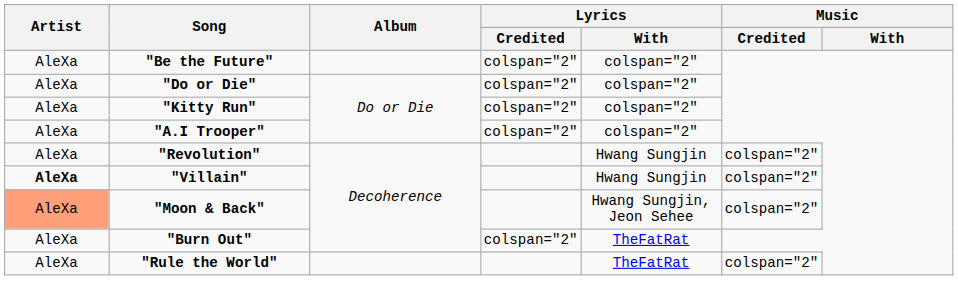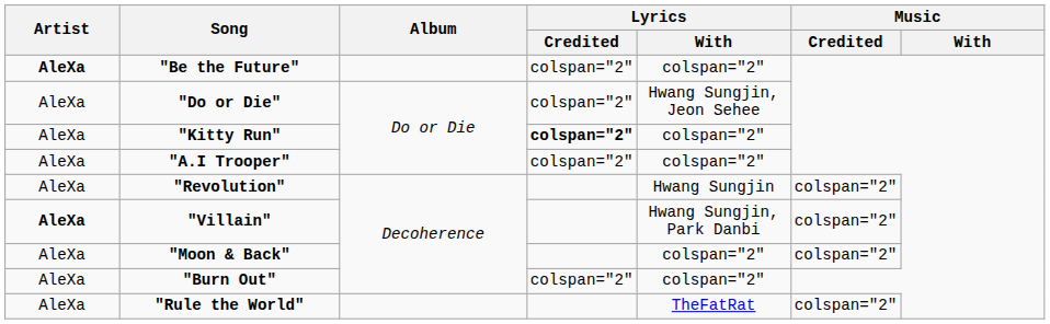 <table class="wikitable" style="text-align:center;">
 <tr>
 <th rowspan="2" style="width:7.5em;">Artist</th>
 <th rowspan="2" style="width:15em;">Song</th>
 <th rowspan="2" style="width:12.5em;">Album</th>
 <th colspan="2" style="width:16em;">Lyrics</th>
 <th colspan="2" style="width:16em;">Music</th>
 </tr>
 <tr>
 <th style="width:6em;">Credited</th>
 <th style="width:10em;">With</th>
 <th style="width:6em;">Credited</th>
 <th style="width:10em;">With</th>
 </tr>
 <tr>
-<td>AleXa </td>
+<td><strong>AleXa </strong></td>
 <td><strong>"Be the Future"</strong></td>
 <td></td>
 <td>colspan="2" </td>
 <td>colspan="2" </td>
 </tr>
 <tr>
 <td>AleXa</td>
 <td><strong>"Do or Die"</strong></td>
 <td rowspan="3"><em>Do or Die</em></td>
 <td>colspan="2" </td>
-<td>colspan="2" </td>
+<td>Hwang Sungjin, Jeon Sehee</td>
 </tr>
 <tr>
 <td>AleXa</td>
 <td><strong>"Kitty Run"</strong></td>
-<td>colspan="2" </td>
+<td><strong>colspan="2" </strong></td>
 <td>colspan="2" </td>
 </tr>
 <tr>
 <td>AleXa</td>
 <td><strong>"A.I Trooper"</strong></td>
 <td>colspan="2" </td>
 <td>colspan="2" </td>
 </tr>
 <tr>
 <td>AleXa</td>
 <td><strong>"Revolution"</strong></td>
 <td rowspan="4"><em>Decoherence</em></td>
 <td></td>
 <td>Hwang Sungjin</td>
 <td>colspan="2" </td>
 </tr>
 <tr>
 <td><strong>AleXa</strong></td>
 <td><strong>"Villain"</strong></td>
 <td></td>
-<td>Hwang Sungjin</td>
+<td>Hwang Sungjin, Park Danbi</td>
 <td>colspan="2" </td>
 </tr>
 <tr>
-<td style="background: lightsalmon;">AleXa</td>
+<td>AleXa</td>
 <td><strong>"Moon & Back"</strong></td>
 <td></td>
-<td>Hwang Sungjin, Jeon Sehee</td>
+<td>colspan="2" </td>
 <td>colspan="2" </td>
 </tr>
 <tr>
 <td>AleXa</td>
 <td><strong>"Burn Out"</strong></td>
 <td>colspan="2" </td>
-<td><a href='#'>TheFatRat</a></td>
+<td>colspan="2" </td>
 </tr>
 <tr>
 <td>AleXa</td>
 <td><strong>"Rule the World"</strong></td>
 <td></td>
 <td></td>
 <td><a href='#'>TheFatRat</a></td>
 <td>colspan="2" </td>
 </tr>
 </table>
